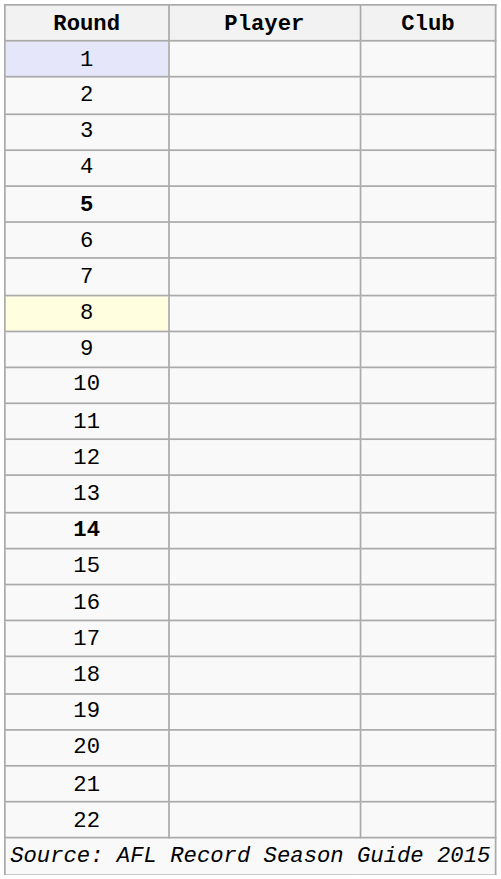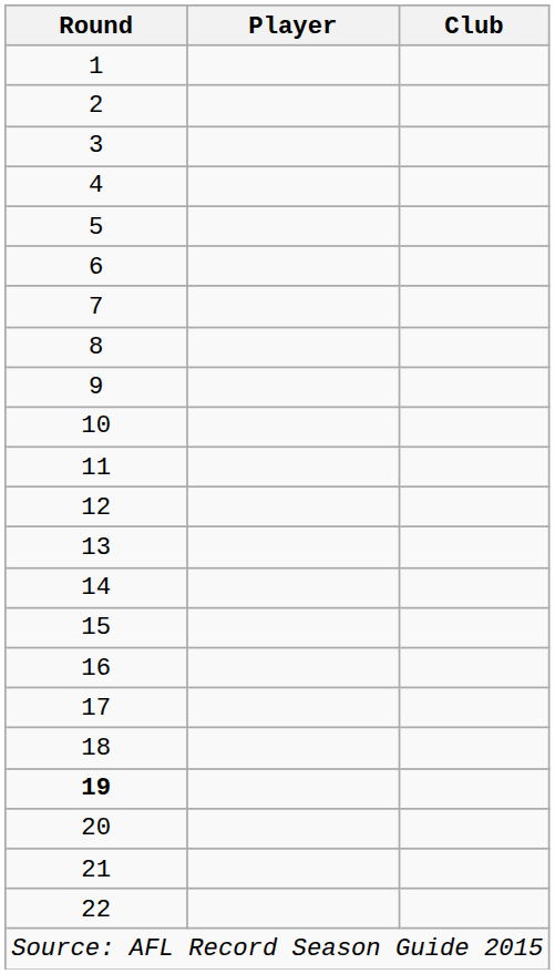 <table class="wikitable sortable" style="text-align:center">
 <tr>
 <th>Round</th>
 <th>Player</th>
 <th>Club</th>
 </tr>
 <tr>
-<td style="background: lavender;">1</td>
+<td>1</td>
 <td></td>
 <td></td>
 </tr>
 <tr>
 <td>2</td>
 <td></td>
 <td></td>
 </tr>
 <tr>
 <td>3</td>
 <td></td>
 <td></td>
 </tr>
 <tr>
 <td>4</td>
 <td></td>
 <td></td>
 </tr>
 <tr>
-<td><strong>5</strong></td>
+<td>5</td>
 <td></td>
 <td></td>
 </tr>
 <tr>
 <td>6</td>
 <td></td>
 <td></td>
 </tr>
 <tr>
 <td>7</td>
 <td></td>
 <td></td>
 </tr>
 <tr>
-<td style="background: lightyellow;">8</td>
+<td>8</td>
 <td></td>
 <td></td>
 </tr>
 <tr>
 <td>9</td>
 <td></td>
 <td></td>
 </tr>
 <tr>
 <td>10</td>
 <td></td>
 <td></td>
 </tr>
 <tr>
 <td>11</td>
 <td></td>
 <td></td>
 </tr>
 <tr>
 <td>12</td>
 <td></td>
 <td></td>
 </tr>
 <tr>
 <td>13</td>
 <td></td>
 <td></td>
 </tr>
 <tr>
-<td><strong>14</strong></td>
+<td>14</td>
 <td><strong></strong></td>
 <td><strong></strong></td>
 </tr>
 <tr>
 <td>15</td>
 <td></td>
 <td></td>
 </tr>
 <tr>
 <td>16</td>
 <td></td>
 <td></td>
 </tr>
 <tr>
 <td>17</td>
 <td></td>
 <td></td>
 </tr>
 <tr>
 <td>18</td>
 <td></td>
 <td></td>
 </tr>
 <tr>
-<td>19</td>
+<td><strong>19</strong></td>
 <td></td>
 <td></td>
 </tr>
 <tr>
 <td>20</td>
 <td></td>
 <td></td>
 </tr>
 <tr>
 <td>21</td>
 <td></td>
 <td></td>
 </tr>
 <tr>
 <td>22</td>
 <td></td>
 <td></td>
 </tr>
 <tr class="sortbottom">
 <td colspan=4><em>Source: AFL Record Season Guide 2015</em></td>
 </tr>
 </table>
